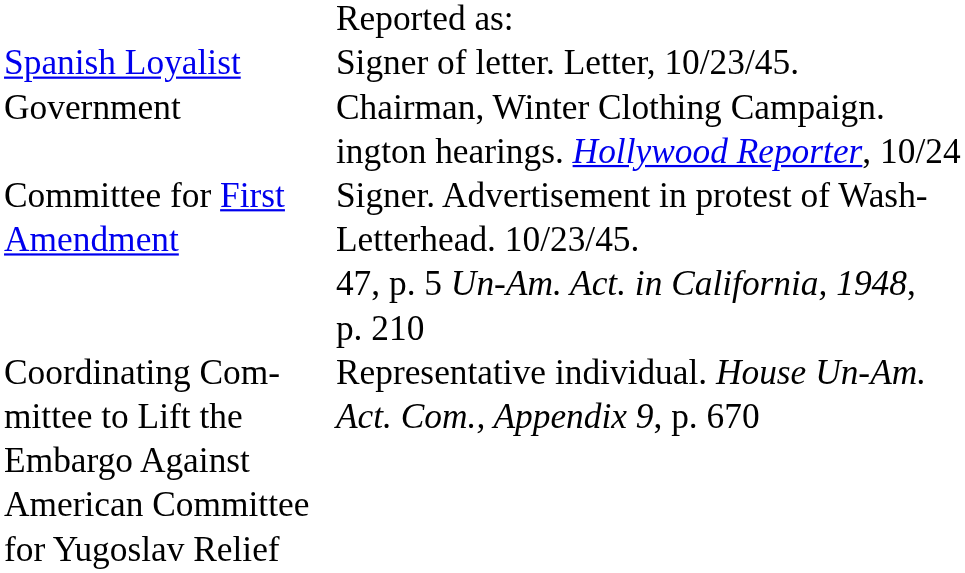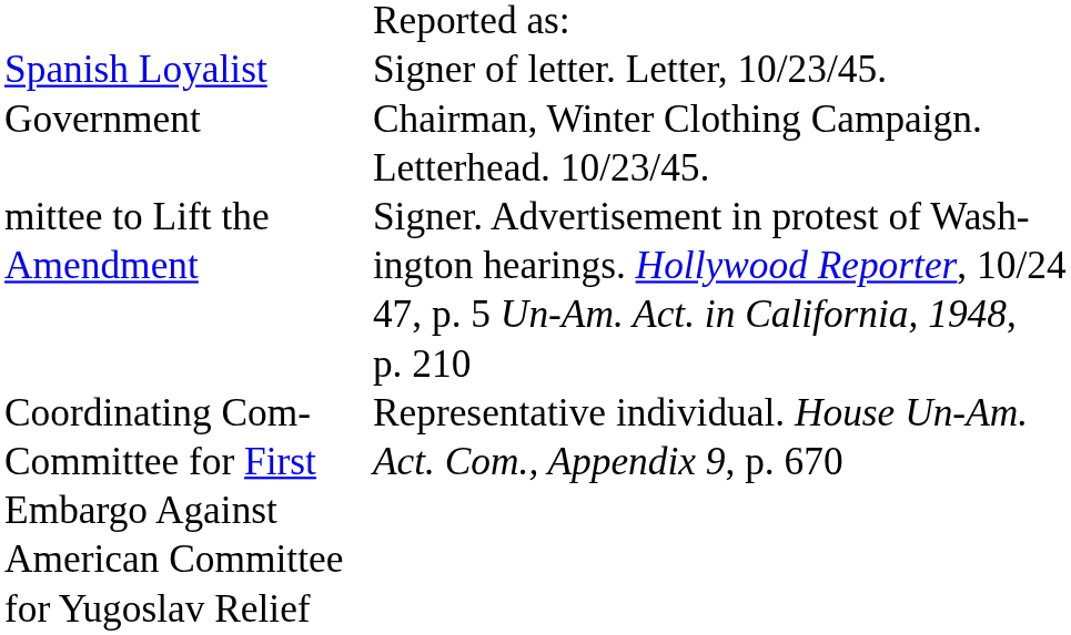 <table style="margin-left:2em; text-align:left; border-collapse:separate; border-spacing: 10px 0px;">
 <tr>
 <td></td>
 <td>Reported as:</td>
 </tr>
 <tr>
 <td><a href='#'>Spanish Loyalist</a></td>
 <td>Signer of letter. Letter, 10/23/45.</td>
 </tr>
 <tr>
 <td>Government</td>
 <td>Chairman, Winter Clothing Campaign.</td>
 </tr>
 <tr>
 <td></td>
-<td>ington hearings. <em><a href='#'>Hollywood Reporter</a></em>, 10/24</td>
+<td>Letterhead. 10/23/45.</td>
 </tr>
 <tr>
 </tr>
 <tr>
-<td>Committee for <a href='#'>First</a></td>
+<td>mittee to Lift the</td>
 <td>Signer. Advertisement in protest of Wash-</td>
 </tr>
 <tr>
 <td><a href='#'>Amendment</a></td>
-<td>Letterhead. 10/23/45.</td>
+<td>ington hearings. <em><a href='#'>Hollywood Reporter</a></em>, 10/24</td>
 </tr>
 <tr>
 <td></td>
 <td>47, p. 5 <em>Un-Am. Act. in California, 1948</em>,</td>
 </tr>
 <tr>
 <td></td>
 <td>p. 210</td>
 </tr>
 <tr>
 </tr>
 <tr>
 <td>Coordinating Com-</td>
 <td>Representative individual. <em>House Un-Am.</em></td>
 </tr>
 <tr>
-<td>mittee to Lift the</td>
+<td>Committee for <a href='#'>First</a></td>
 <td><em>Act. Com., Appendix 9</em>, p. 670</td>
 </tr>
 <tr>
 <td>Embargo Against</td>
 </tr>
 <tr>
 <td>American Committee</td>
 </tr>
 <tr>
 <td>for Yugoslav Relief</td>
 </tr>
 </table>
